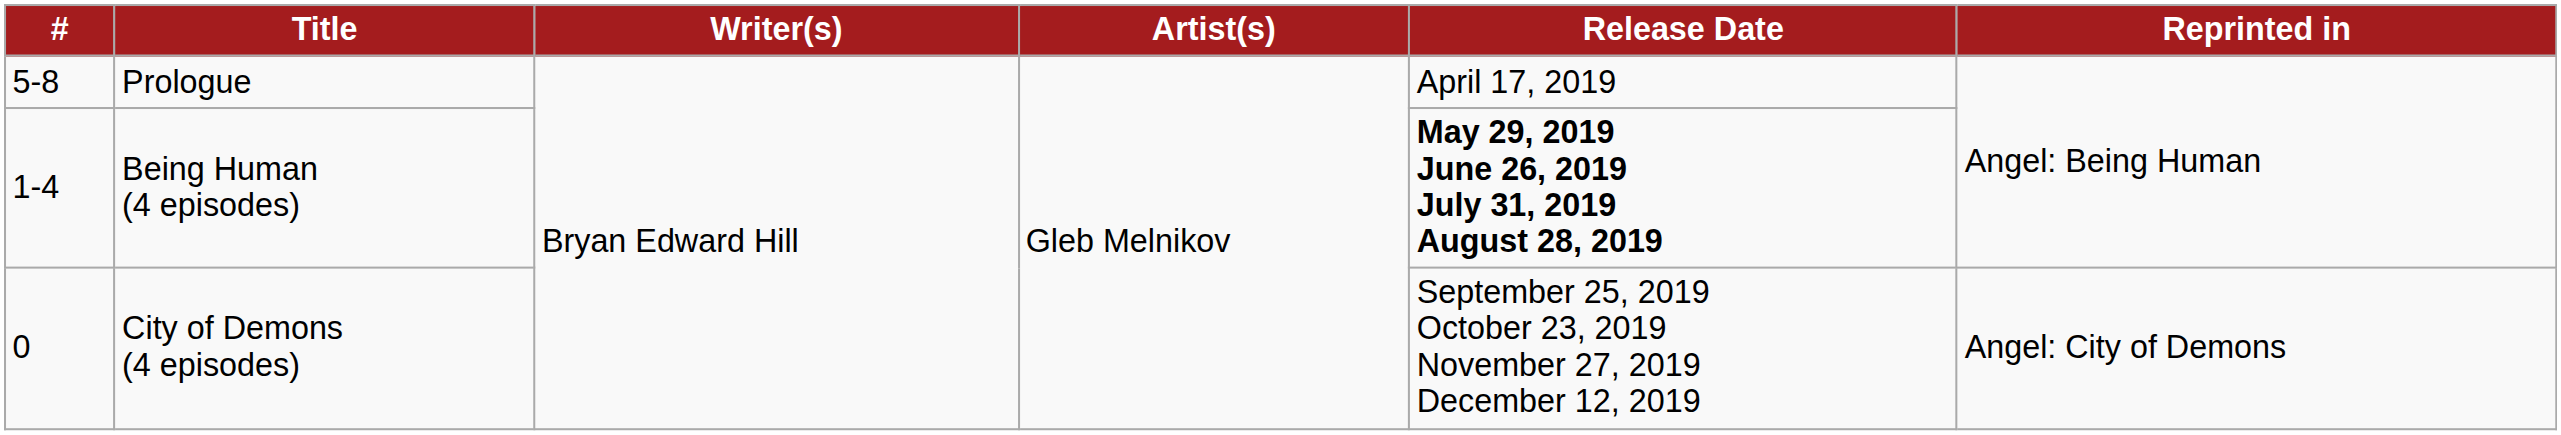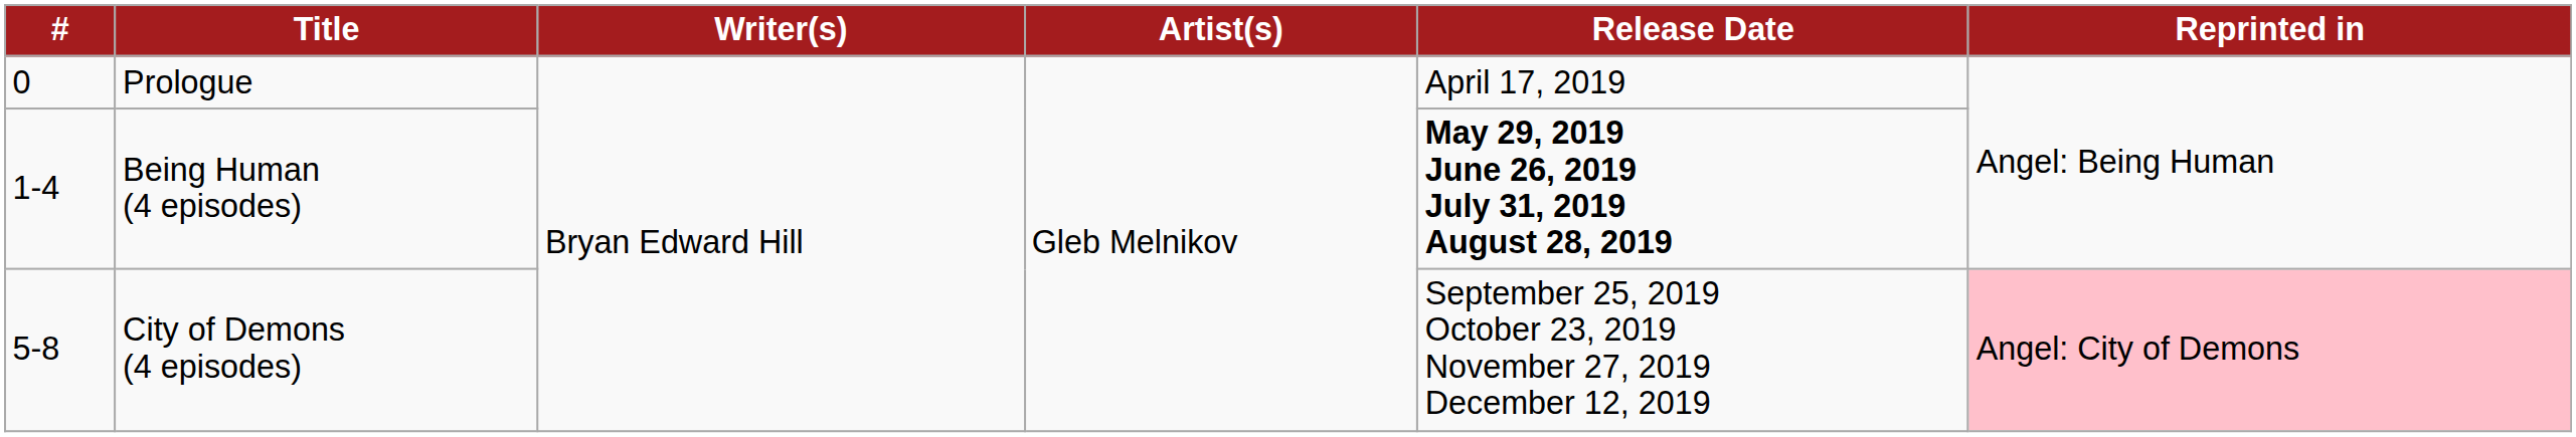 <table style="width: 100%;" class="wikitable">
 <tr>
 <th style="background: #A41C1E; color: white;">#</th>
 <th style="background: #A41C1E; color: white;">Title</th>
 <th style="background: #A41C1E; color: white;">Writer(s)</th>
 <th style="background: #A41C1E; color: white;">Artist(s)</th>
 <th style="background: #A41C1E; color: white;">Release Date</th>
 <th style="background: #A41C1E; color: white;">Reprinted in</th>
 </tr>
 <tr>
-<td>5-8</td>
+<td>0</td>
 <td>Prologue</td>
 <td rowspan="3">Bryan Edward Hill</td>
 <td rowspan="3">Gleb Melnikov</td>
 <td>April 17, 2019</td>
 <td rowspan="2">Angel: Being Human</td>
 </tr>
 <tr>
 <td>1-4</td>
 <td>Being Human<br>(4 episodes)</td>
 <td><strong>May 29, 2019 <br>June 26, 2019 <br> July 31, 2019<br>August 28, 2019</strong></td>
 </tr>
 <tr>
-<td>0</td>
+<td>5-8</td>
 <td>City of Demons<br>(4 episodes)</td>
 <td>September 25, 2019 <br>October 23, 2019 <br>November 27, 2019<br>December 12, 2019</td>
-<td>Angel: City of Demons</td>
+<td style="background: pink;">Angel: City of Demons</td>
 </tr>
 </table>
